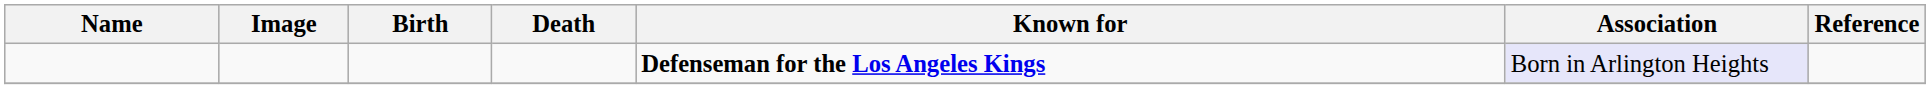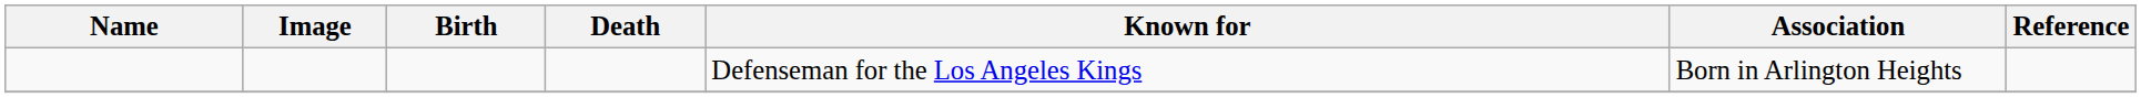 <table class="wikitable sortable">
 <tr>
 <th scope="col" width="140">Name</th>
 <th scope="col" width="80" class="unsortable">Image</th>
 <th scope="col" width="90">Birth</th>
 <th scope="col" width="90">Death</th>
 <th scope="col" width="600" class="unsortable">Known for</th>
 <th scope="col" width="200" class="unsortable">Association</th>
 <th scope="col" width="30" class="unsortable">Reference</th>
 </tr>
 <tr>
 <td></td>
 <td></td>
 <td align=right></td>
 <td></td>
-<td><strong>Defenseman for the <a href='#'>Los Angeles Kings</a></strong></td>
-<td style="background: lavender;">Born in Arlington Heights</td>
+<td>Defenseman for the <a href='#'>Los Angeles Kings</a></td>
+<td>Born in Arlington Heights</td>
 <td align="center"></td>
 </tr>
 <tr>
 </tr>
 </table>
